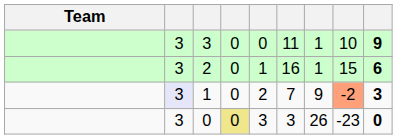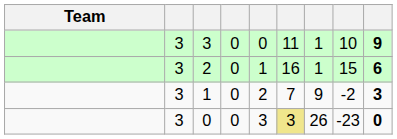 <table class="wikitable" style="text-align:center;">
 <tr>
 <th width=150>Team</th>
 <th width=20 abbr="Played"></th>
 <th width=20 abbr="Won"></th>
 <th width=20 abbr="Drawn"></th>
 <th width=20 abbr="Lost"></th>
 <th width=20 abbr="Goals for"></th>
 <th width=20 abbr="Goals against"></th>
 <th width=20 abbr="Goal difference"></th>
 <th width=20 abbr="Points"></th>
 </tr>
 <tr bgcolor="#ccffcc">
 <td align="left"></td>
 <td>3</td>
 <td>3</td>
 <td>0</td>
 <td>0</td>
 <td>11</td>
 <td>1</td>
 <td>10</td>
 <td><strong>9</strong></td>
 </tr>
 <tr bgcolor="#ccffcc">
 <td align="left"></td>
 <td>3</td>
 <td>2</td>
 <td>0</td>
 <td>1</td>
 <td>16</td>
 <td>1</td>
 <td>15</td>
 <td><strong>6</strong></td>
 </tr>
 <tr>
 <td align="left"></td>
-<td style="background: lavender;">3</td>
+<td>3</td>
 <td>1</td>
 <td>0</td>
 <td>2</td>
 <td>7</td>
 <td>9</td>
-<td style="background: lightsalmon;">-2</td>
+<td>-2</td>
 <td><strong>3</strong></td>
 </tr>
 <tr>
 <td align="left"></td>
 <td>3</td>
 <td>0</td>
-<td style="background: khaki;">0</td>
+<td>0</td>
 <td>3</td>
-<td>3</td>
+<td style="background: khaki;">3</td>
 <td>26</td>
 <td>-23</td>
 <td><strong>0</strong></td>
 </tr>
 </table>
